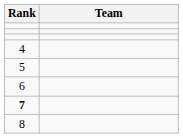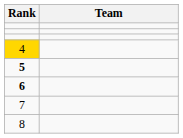 <table class="wikitable" style="text-align:center;">
 <tr>
 <th width=40>Rank</th>
 <th width=180>Team</th>
 </tr>
 <tr>
 <td></td>
 <td style="text-align:left;"></td>
 </tr>
 <tr>
 <td></td>
 <td style="text-align:left;"></td>
 </tr>
 <tr>
 <td></td>
 <td style="text-align:left;"></td>
 </tr>
 <tr>
-<td>4</td>
+<td style="background: gold;">4</td>
 <td style="text-align:left;"></td>
 </tr>
 <tr>
-<td>5</td>
+<td><strong>5</strong></td>
 <td style="text-align:left;"></td>
 </tr>
 <tr>
-<td>6</td>
+<td><strong>6</strong></td>
 <td style="text-align:left;"></td>
 </tr>
 <tr>
-<td><strong>7</strong></td>
+<td>7</td>
 <td style="text-align:left;"></td>
 </tr>
 <tr>
 <td>8</td>
 <td style="text-align:left;"></td>
 </tr>
 </table>
